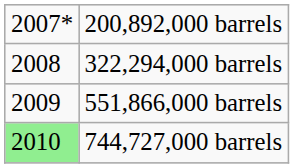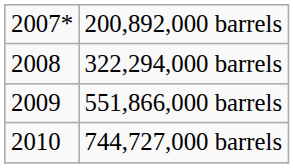 <table class="wikitable" style="margin: 1em auto 1em auto;">
 <tr>
 <td>2007*</td>
 <td>200,892,000 barrels</td>
 </tr>
 <tr>
 <td>2008</td>
 <td>322,294,000 barrels</td>
 </tr>
 <tr>
 <td>2009</td>
 <td>551,866,000 barrels</td>
 </tr>
 <tr>
-<td style="background: lightgreen;">2010</td>
+<td>2010</td>
 <td>744,727,000 barrels</td>
 </tr>
 </table>
